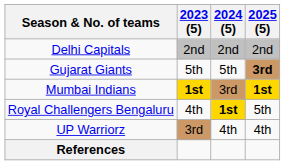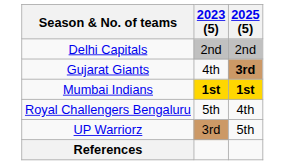 <table class="wikitable sortable" style="text-align:center;margin:auto;font-size:95%;">
 <tr>
 <th>Season & No. of teams</th>
 <th><a href='#'>2023</a><br>(5)</th>
-<th><a href='#'>2024</a><br>(5)</th>
 <th><a href='#'>2025</a><br>(5)</th>
 </tr>
 <tr>
 <td><a href='#'>Delhi Capitals</a></td>
 <td style="background: silver">2nd</td>
 <td style="background: silver">2nd</td>
-<td style="background: silver">2nd</td>
 </tr>
 <tr>
 <td><a href='#'>Gujarat Giants</a></td>
-<td>5th</td>
-<td>5th</td>
+<td>4th</td>
 <td style="background:#cc9966"><strong>3rd</strong></td>
 </tr>
 <tr>
 <td><a href='#'>Mumbai Indians</a></td>
 <td style="background: gold"><strong>1st</strong></td>
-<td style="background:#cc9966">3rd</td>
 <td style="background: gold"><strong>1st</strong></td>
 </tr>
 <tr>
 <td><a href='#'>Royal Challengers Bengaluru</a></td>
+<td>5th</td>
 <td>4th</td>
-<td style="background: gold"><strong>1st</strong></td>
-<td>5th</td>
 </tr>
 <tr>
 <td><a href='#'>UP Warriorz</a></td>
 <td style="background:#cc9966">3rd</td>
-<td>4th</td>
-<td>4th</td>
+<td>5th</td>
 </tr>
 <tr>
 <th>References</th>
 <td></td>
 <td></td>
-<td></td>
 </tr>
 </table>
